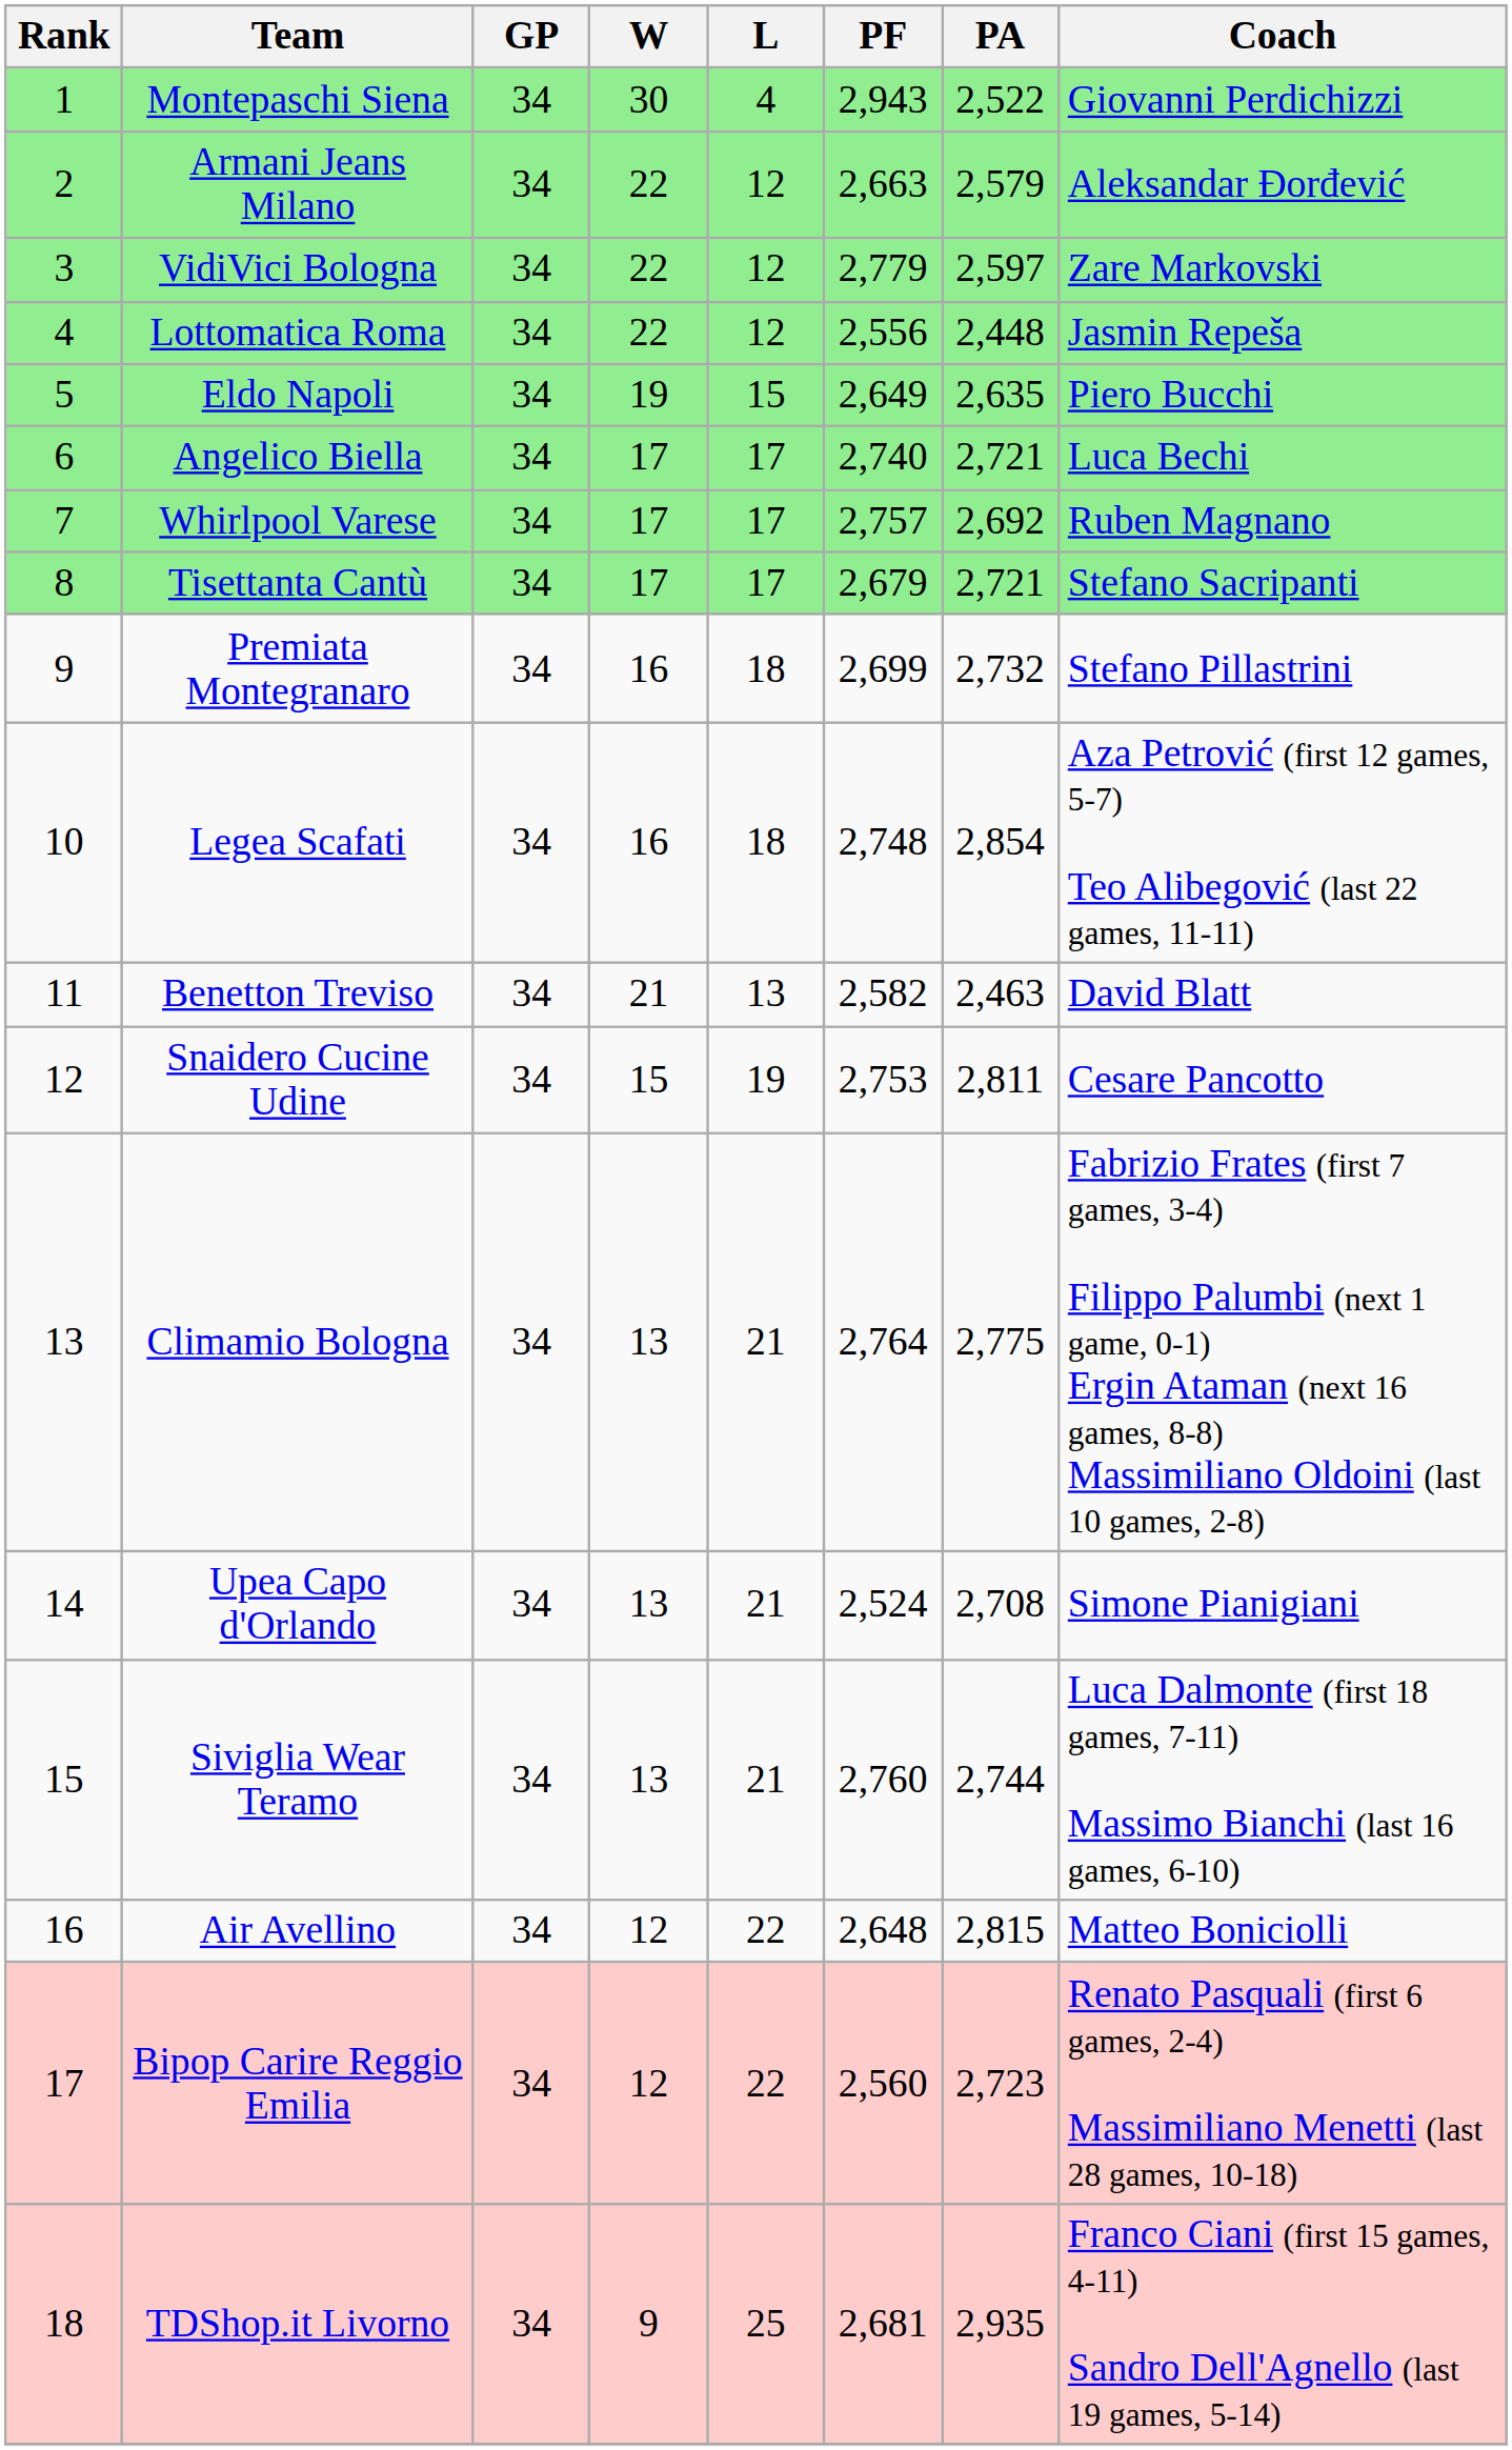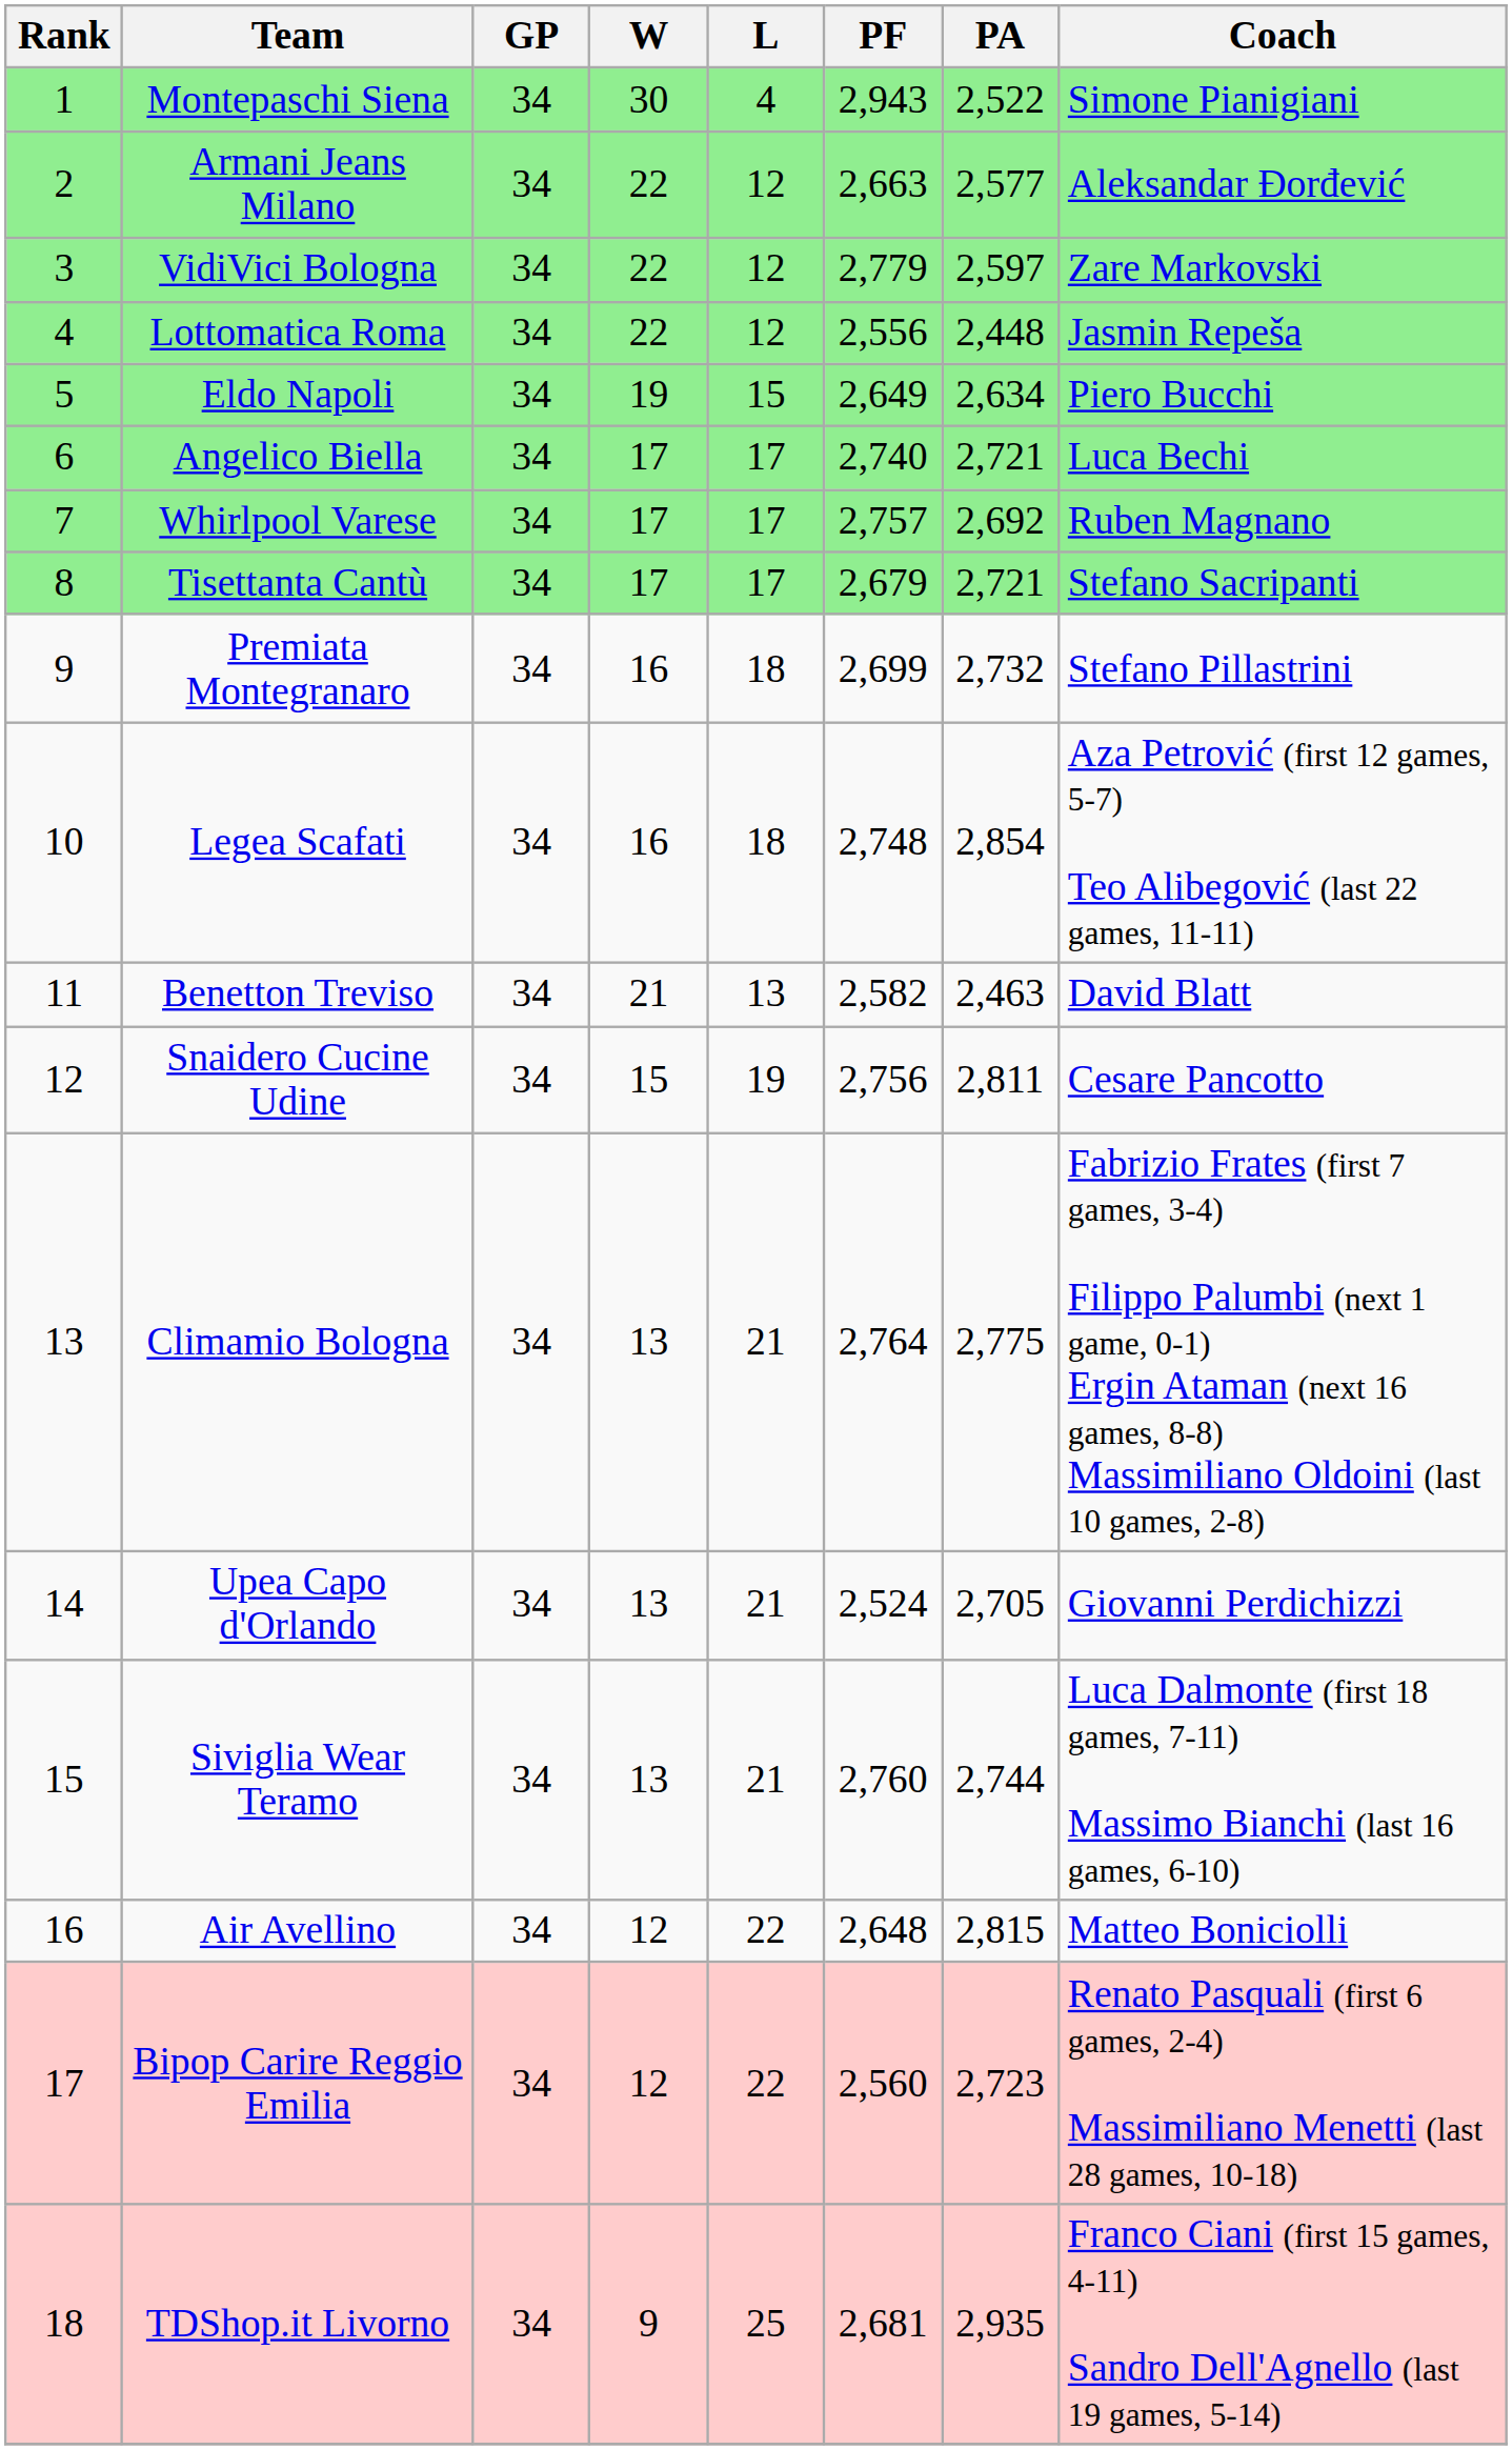 <table class="wikitable" style="text-align: center;">
 <tr>
 <th width=40>Rank</th>
 <th>Team</th>
 <th width=40>GP</th>
 <th width=40>W</th>
 <th width=40>L</th>
 <th width=40>PF</th>
 <th width=40>PA</th>
 <th>Coach</th>
 </tr>
 <tr style="background: #90EE90;">
 <td>1</td>
 <td><a href='#'>Montepaschi Siena</a></td>
 <td>34</td>
 <td>30</td>
 <td>4</td>
 <td>2,943</td>
 <td>2,522</td>
-<td align="left"> <a href='#'>Giovanni Perdichizzi</a></td>
+<td align="left"> <a href='#'>Simone Pianigiani</a></td>
 </tr>
 <tr style="background: #90EE90;">
 <td>2</td>
 <td><a href='#'>Armani Jeans Milano</a></td>
 <td>34</td>
 <td>22</td>
 <td>12</td>
 <td>2,663</td>
-<td>2,579</td>
+<td>2,577</td>
 <td align="left"> <a href='#'>Aleksandar Đorđević</a></td>
 </tr>
 <tr style="background: #90EE90;">
 <td>3</td>
 <td><a href='#'>VidiVici Bologna</a></td>
 <td>34</td>
 <td>22</td>
 <td>12</td>
 <td>2,779</td>
 <td>2,597</td>
 <td align="left"> <a href='#'>Zare Markovski</a></td>
 </tr>
 <tr style="background: #90EE90;">
 <td>4</td>
 <td><a href='#'>Lottomatica Roma</a></td>
 <td>34</td>
 <td>22</td>
 <td>12</td>
 <td>2,556</td>
 <td>2,448</td>
 <td align="left"> <a href='#'>Jasmin Repeša</a></td>
 </tr>
 <tr style="background: #90EE90;">
 <td>5</td>
 <td><a href='#'>Eldo Napoli</a></td>
 <td>34</td>
 <td>19</td>
 <td>15</td>
 <td>2,649</td>
-<td>2,635</td>
+<td>2,634</td>
 <td align="left"> <a href='#'>Piero Bucchi</a></td>
 </tr>
 <tr style="background: #90EE90;">
 <td>6</td>
 <td><a href='#'>Angelico Biella</a></td>
 <td>34</td>
 <td>17</td>
 <td>17</td>
 <td>2,740</td>
 <td>2,721</td>
 <td align="left"> <a href='#'>Luca Bechi</a></td>
 </tr>
 <tr style="background: #90EE90;">
 <td>7</td>
 <td><a href='#'>Whirlpool Varese</a></td>
 <td>34</td>
 <td>17</td>
 <td>17</td>
 <td>2,757</td>
 <td>2,692</td>
 <td align="left"> <a href='#'>Ruben Magnano</a></td>
 </tr>
 <tr style="background: #90EE90;">
 <td>8</td>
 <td><a href='#'>Tisettanta Cantù</a></td>
 <td>34</td>
 <td>17</td>
 <td>17</td>
 <td>2,679</td>
 <td>2,721</td>
 <td align="left"> <a href='#'>Stefano Sacripanti</a></td>
 </tr>
 <tr>
 <td>9</td>
 <td><a href='#'>Premiata Montegranaro</a></td>
 <td>34</td>
 <td>16</td>
 <td>18</td>
 <td>2,699</td>
 <td>2,732</td>
 <td align="left"> <a href='#'>Stefano Pillastrini</a></td>
 </tr>
 <tr>
 <td>10</td>
 <td><a href='#'>Legea Scafati</a></td>
 <td>34</td>
 <td>16</td>
 <td>18</td>
 <td>2,748</td>
 <td>2,854</td>
 <td align="left"> <a href='#'>Aza Petrović</a> <small>(first 12 games, 5-7)</small><br><br> <a href='#'>Teo Alibegović</a> <small>(last 22 games, 11-11)</small></td>
 </tr>
 <tr>
 <td>11</td>
 <td><a href='#'>Benetton Treviso</a></td>
 <td>34</td>
 <td>21</td>
 <td>13</td>
 <td>2,582</td>
 <td>2,463</td>
 <td align="left"> <a href='#'>David Blatt</a></td>
 </tr>
 <tr>
 <td>12</td>
 <td><a href='#'>Snaidero Cucine Udine</a></td>
 <td>34</td>
 <td>15</td>
 <td>19</td>
-<td>2,753</td>
+<td>2,756</td>
 <td>2,811</td>
 <td align="left"> <a href='#'>Cesare Pancotto</a></td>
 </tr>
 <tr>
 <td>13</td>
 <td><a href='#'>Climamio Bologna</a></td>
 <td>34</td>
 <td>13</td>
 <td>21</td>
 <td>2,764</td>
 <td>2,775</td>
 <td align="left"> <a href='#'>Fabrizio Frates</a> <small>(first 7 games, 3-4)</small><br><br> <a href='#'>Filippo Palumbi</a> <small>(next 1 game, 0-1)</small><br>  <a href='#'>Ergin Ataman</a> <small>(next 16 games, 8-8)</small><br>  <a href='#'>Massimiliano Oldoini</a> <small>(last 10 games, 2-8)</small></td>
 </tr>
 <tr>
 <td>14</td>
 <td><a href='#'>Upea Capo d'Orlando</a></td>
 <td>34</td>
 <td>13</td>
 <td>21</td>
 <td>2,524</td>
-<td>2,708</td>
-<td align="left"> <a href='#'>Simone Pianigiani</a></td>
+<td>2,705</td>
+<td align="left"> <a href='#'>Giovanni Perdichizzi</a></td>
 </tr>
 <tr>
 <td>15</td>
 <td><a href='#'>Siviglia Wear Teramo</a></td>
 <td>34</td>
 <td>13</td>
 <td>21</td>
 <td>2,760</td>
 <td>2,744</td>
 <td align="left"> <a href='#'>Luca Dalmonte</a> <small>(first 18 games, 7-11)</small><br><br> <a href='#'>Massimo Bianchi</a> <small>(last 16 games, 6-10)</small></td>
 </tr>
 <tr>
 <td>16</td>
 <td><a href='#'>Air Avellino</a></td>
 <td>34</td>
 <td>12</td>
 <td>22</td>
 <td>2,648</td>
 <td>2,815</td>
 <td align="left"> <a href='#'>Matteo Boniciolli</a></td>
 </tr>
 <tr style="background:#FFCCCC">
 <td>17</td>
 <td><a href='#'>Bipop Carire Reggio Emilia</a></td>
 <td>34</td>
 <td>12</td>
 <td>22</td>
 <td>2,560</td>
 <td>2,723</td>
 <td align="left"> <a href='#'>Renato Pasquali</a> <small>(first 6 games, 2-4)</small><br><br> <a href='#'>Massimiliano Menetti</a> <small>(last 28 games, 10-18)</small></td>
 </tr>
 <tr style="background:#FFCCCC">
 <td>18</td>
 <td><a href='#'>TDShop.it Livorno</a></td>
 <td>34</td>
 <td>9</td>
 <td>25</td>
 <td>2,681</td>
 <td>2,935</td>
 <td align="left"> <a href='#'>Franco Ciani</a> <small>(first 15 games, 4-11)</small><br><br> <a href='#'>Sandro Dell'Agnello</a> <small>(last 19 games, 5-14)</small></td>
 </tr>
 <tr>
 </tr>
 </table>
